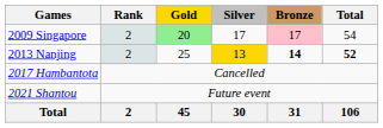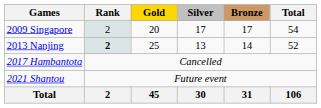 <table class="wikitable sortable" style="margin-top:0em; text-align:center; font-size:100%;">
 <tr>
 <th>Games</th>
 <th style="width:4em;">Rank</th>
 <th style="background:gold; width:4em;"><strong>Gold</strong></th>
 <th style="background:silver; width:4em;"><strong>Silver</strong></th>
 <th style="background:#cc9966; width:4em;"><strong>Bronze</strong></th>
 <th style="width:4em;">Total</th>
 </tr>
 <tr>
 <td align=left><a href='#'>2009 Singapore</a></td>
 <td bgcolor=dce5e5>2</td>
-<td style="background: lightgreen;">20</td>
+<td>20</td>
 <td>17</td>
-<td style="background: pink;">17</td>
+<td>17</td>
 <td>54</td>
 </tr>
 <tr>
 <td align=left><a href='#'>2013 Nanjing</a></td>
-<td bgcolor=dce5e5>2</td>
+<td bgcolor=dce5e5><strong>2</strong></td>
 <td>25</td>
-<td style="background: gold;">13</td>
-<td><strong>14</strong></td>
-<td><strong>52</strong></td>
+<td>13</td>
+<td>14</td>
+<td>52</td>
 </tr>
 <tr>
 <td align=left><em><a href='#'>2017 Hambantota</a></em></td>
 <td colspan=5><em>Cancelled</em></td>
 </tr>
 <tr>
 <td align=left><em><a href='#'>2021 Shantou</a></em></td>
 <td colspan=5><em>Future event</em></td>
 </tr>
 <tr>
 <th>Total</th>
 <th>2</th>
 <th>45</th>
 <th>30</th>
 <th>31</th>
 <th>106</th>
 </tr>
 </table>
